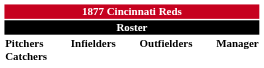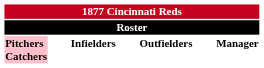 <table class="toccolours" style="font-size: 95%;">
 <tr>
 <th colspan="10" style="background-color: #c6011f; color: #FFFFFF; text-align: center;">1877 Cincinnati Reds</th>
 </tr>
 <tr>
 <td colspan="10" style="background-color: black; color: #FFFFFF; text-align: center;"><strong>Roster</strong></td>
 </tr>
 <tr>
-<td valign="top"><strong>Pitchers</strong><br>   <strong>Catchers</strong>     </td>
+<td valign="top" style="background: pink;"><strong>Pitchers</strong><br>   <strong>Catchers</strong>     </td>
 <td width="25px"></td>
 <td valign="top"><strong>Infielders</strong><br>       </td>
 <td width="25px"></td>
 <td valign="top"><strong>Outfielders</strong><br>    </td>
 <td width="25px"></td>
 <td valign="top"><strong>Manager</strong><br>  </td>
 </tr>
 </table>
